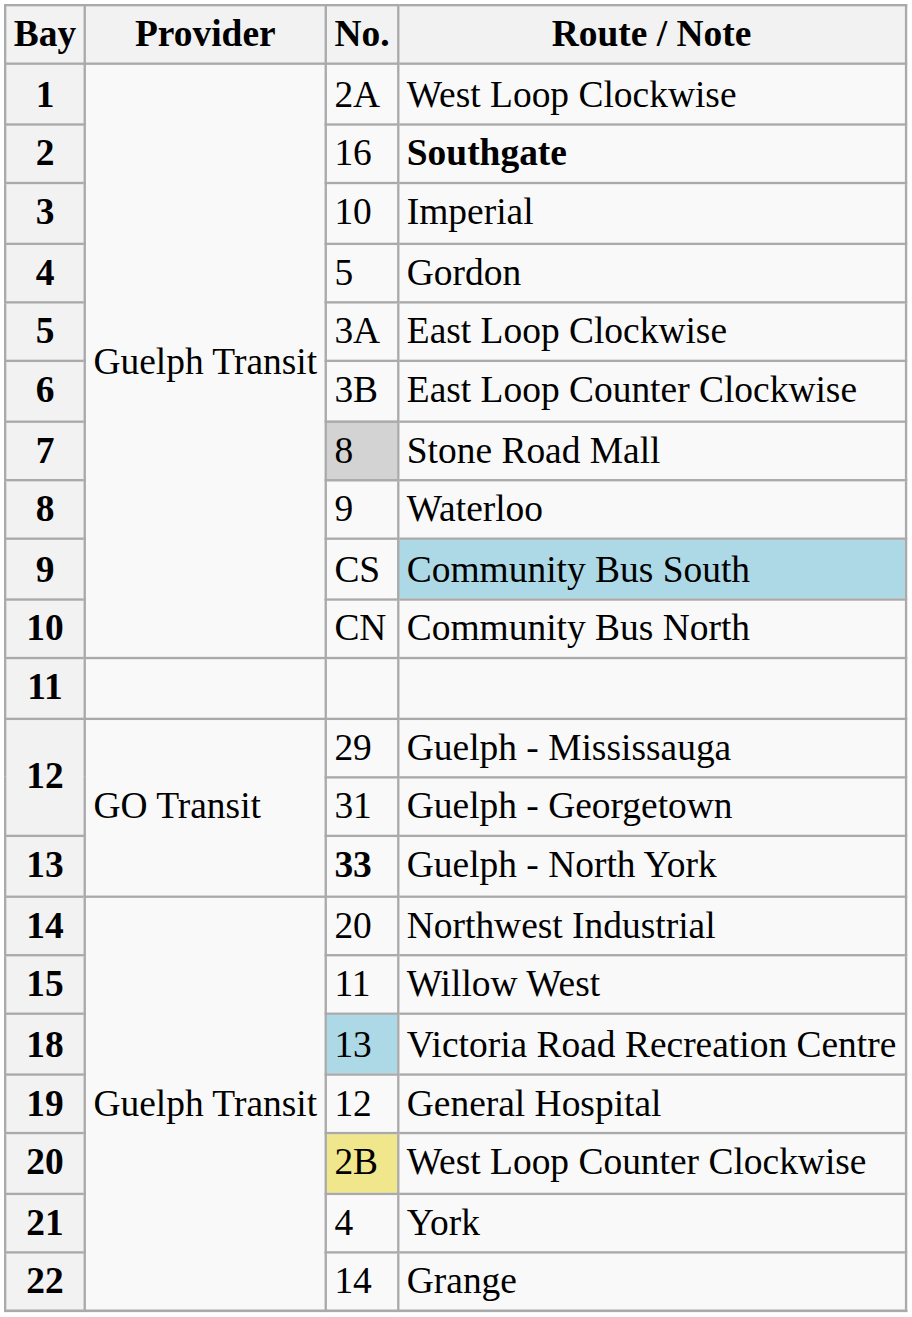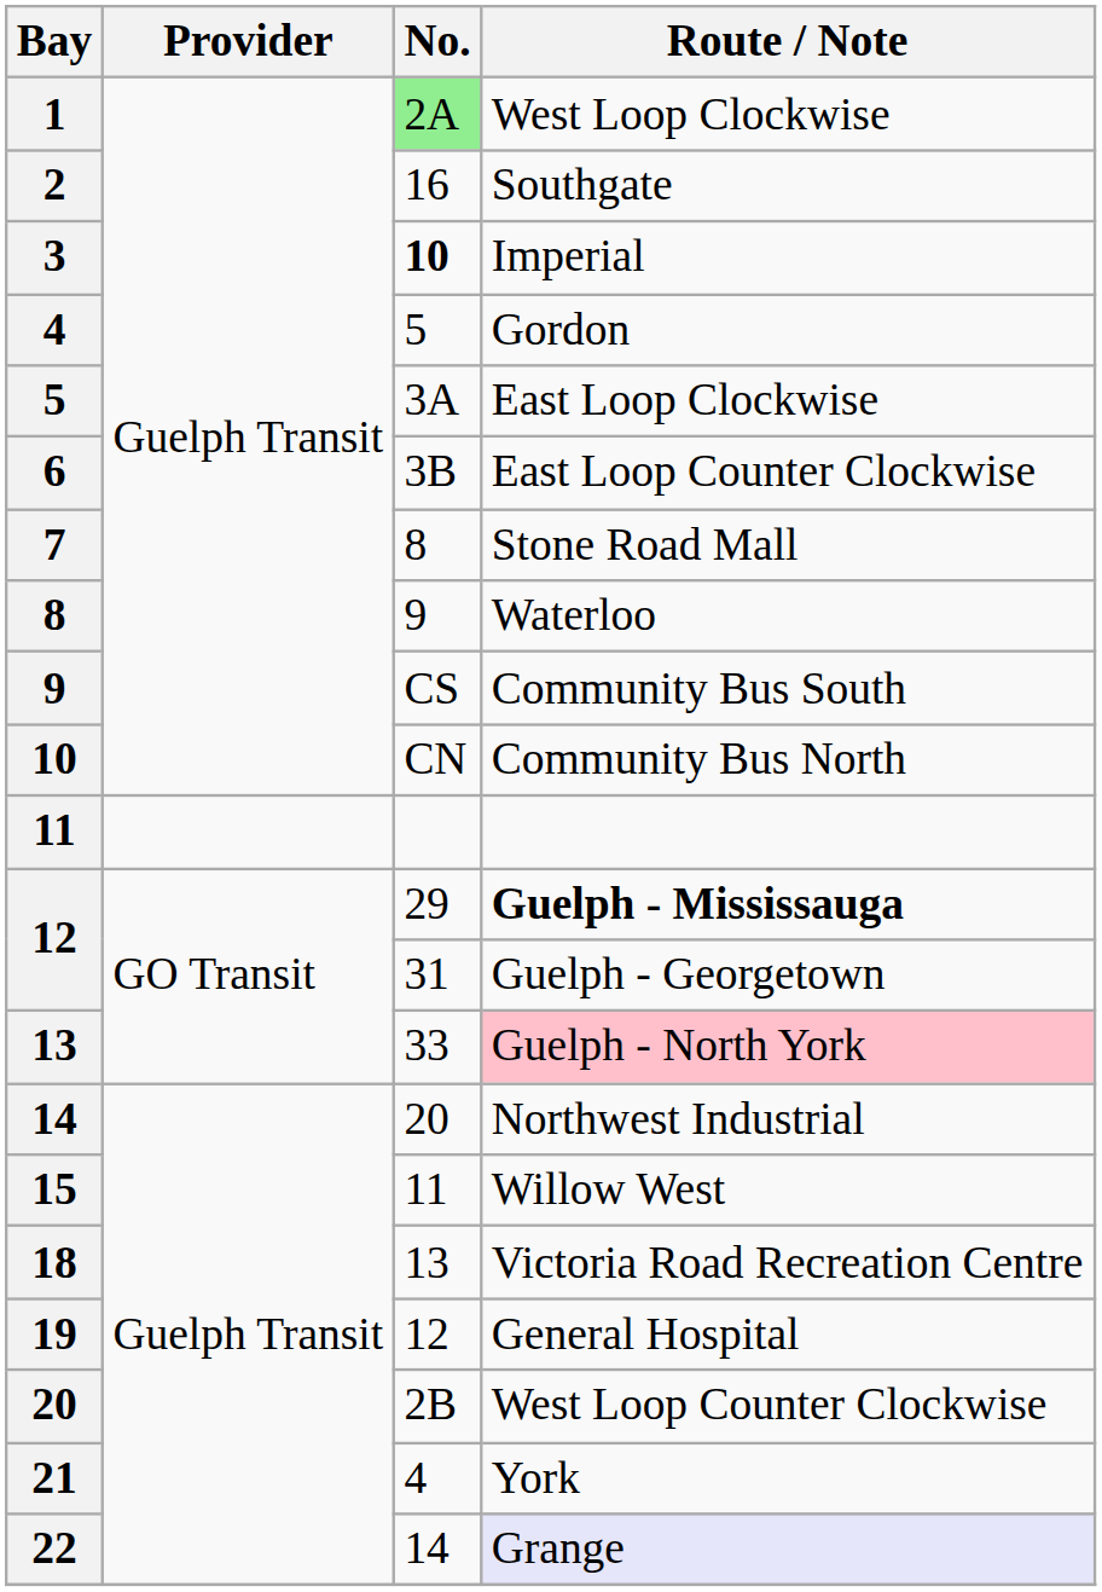 <table class="wikitable">
 <tr>
 <th>Bay</th>
 <th>Provider</th>
 <th>No.</th>
 <th>Route / Note</th>
 </tr>
 <tr>
 <th>1</th>
 <td rowspan="10">Guelph Transit</td>
-<td>2A</td>
+<td style="background: lightgreen;">2A</td>
 <td>West Loop Clockwise</td>
 </tr>
 <tr>
 <th>2</th>
 <td>16</td>
-<td><strong>Southgate</strong></td>
+<td>Southgate</td>
 </tr>
 <tr>
 <th>3</th>
-<td>10</td>
+<td><strong>10</strong></td>
 <td>Imperial</td>
 </tr>
 <tr>
 <th>4</th>
 <td>5</td>
 <td>Gordon</td>
 </tr>
 <tr>
 <th>5</th>
 <td>3A</td>
 <td>East Loop Clockwise</td>
 </tr>
 <tr>
 <th>6</th>
 <td>3B</td>
 <td>East Loop Counter Clockwise</td>
 </tr>
 <tr>
 <th>7</th>
-<td style="background: lightgrey;">8</td>
+<td>8</td>
 <td>Stone Road Mall</td>
 </tr>
 <tr>
 <th>8</th>
 <td>9</td>
 <td>Waterloo</td>
 </tr>
 <tr>
 <th>9</th>
 <td>CS</td>
-<td style="background: lightblue;">Community Bus South</td>
+<td>Community Bus South</td>
 </tr>
 <tr>
 <th>10</th>
 <td>CN</td>
 <td>Community Bus North</td>
 </tr>
 <tr>
 <th>11</th>
 <td></td>
 <td></td>
 <td></td>
 </tr>
 <tr>
 <th rowspan="2">12</th>
 <td rowspan="3">GO Transit</td>
 <td>29</td>
-<td>Guelph - Mississauga</td>
+<td><strong>Guelph - Mississauga</strong></td>
 </tr>
 <tr>
 <td>31</td>
 <td>Guelph - Georgetown</td>
 </tr>
 <tr>
 <th>13</th>
-<td><strong>33</strong></td>
-<td>Guelph - North York</td>
+<td>33</td>
+<td style="background: pink;">Guelph - North York</td>
 </tr>
 <tr>
 <th>14</th>
 <td rowspan="7">Guelph Transit</td>
 <td>20</td>
 <td>Northwest Industrial</td>
 </tr>
 <tr>
 <th>15</th>
 <td>11</td>
 <td>Willow West</td>
 </tr>
 <tr>
 <th>18</th>
-<td style="background: lightblue;">13</td>
+<td>13</td>
 <td>Victoria Road Recreation Centre</td>
 </tr>
 <tr>
 <th>19</th>
 <td>12</td>
 <td>General Hospital</td>
 </tr>
 <tr>
 <th>20</th>
-<td style="background: khaki;">2B</td>
+<td>2B</td>
 <td>West Loop Counter Clockwise</td>
 </tr>
 <tr>
 <th>21</th>
 <td>4</td>
 <td>York</td>
 </tr>
 <tr>
 <th>22</th>
 <td>14</td>
-<td>Grange</td>
+<td style="background: lavender;">Grange</td>
 </tr>
 <tr>
 </tr>
 </table>
